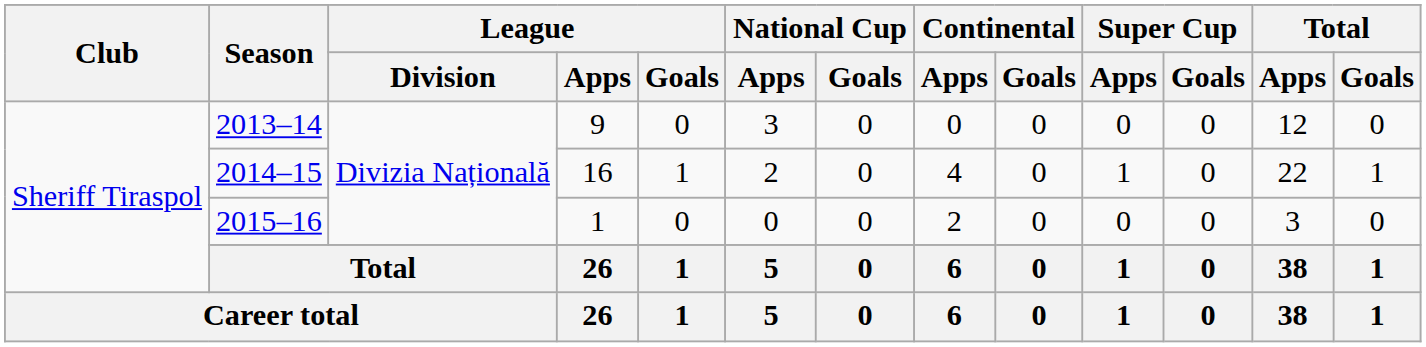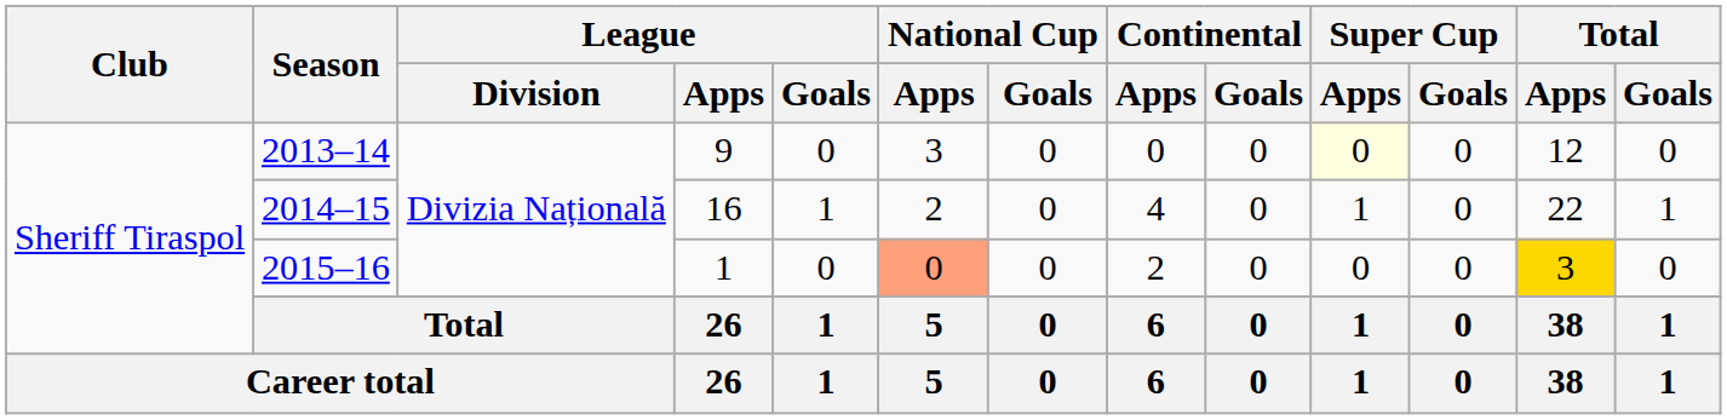 <table class="wikitable" style="text-align: center;">
 <tr>
 <th rowspan="2">Club</th>
 <th rowspan="2">Season</th>
 <th colspan="3">League</th>
 <th colspan="2">National Cup</th>
 <th colspan="2">Continental</th>
 <th colspan="2">Super Cup</th>
 <th colspan="2">Total</th>
 </tr>
 <tr>
 <th>Division</th>
 <th>Apps</th>
 <th>Goals</th>
 <th>Apps</th>
 <th>Goals</th>
 <th>Apps</th>
 <th>Goals</th>
 <th>Apps</th>
 <th>Goals</th>
 <th>Apps</th>
 <th>Goals</th>
 </tr>
 <tr>
 <td rowspan="4" valign="center"><a href='#'>Sheriff Tiraspol</a></td>
 <td><a href='#'>2013–14</a></td>
 <td rowspan="3" valign="center"><a href='#'>Divizia Națională</a></td>
 <td>9</td>
 <td>0</td>
 <td>3</td>
 <td>0</td>
 <td>0</td>
 <td>0</td>
-<td>0</td>
+<td style="background: lightyellow;">0</td>
 <td>0</td>
 <td>12</td>
 <td>0</td>
 </tr>
 <tr>
 <td><a href='#'>2014–15</a></td>
 <td>16</td>
 <td>1</td>
 <td>2</td>
 <td>0</td>
 <td>4</td>
 <td>0</td>
 <td>1</td>
 <td>0</td>
 <td>22</td>
 <td>1</td>
 </tr>
 <tr>
 <td><a href='#'>2015–16</a></td>
 <td>1</td>
 <td>0</td>
-<td>0</td>
+<td style="background: lightsalmon;">0</td>
 <td>0</td>
 <td>2</td>
 <td>0</td>
 <td>0</td>
 <td>0</td>
-<td>3</td>
+<td style="background: gold;">3</td>
 <td>0</td>
 </tr>
 <tr>
 <th colspan="2">Total</th>
 <th>26</th>
 <th>1</th>
 <th>5</th>
 <th>0</th>
 <th>6</th>
 <th>0</th>
 <th>1</th>
 <th>0</th>
 <th>38</th>
 <th>1</th>
 </tr>
 <tr>
 <th colspan="3">Career total</th>
 <th>26</th>
 <th>1</th>
 <th>5</th>
 <th>0</th>
 <th>6</th>
 <th>0</th>
 <th>1</th>
 <th>0</th>
 <th>38</th>
 <th>1</th>
 </tr>
 </table>
